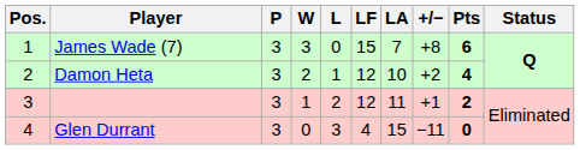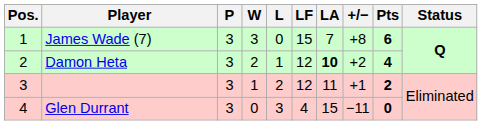 <table class="wikitable" style="text-align:center; margin: 1em auto 1em auto, align:left">
 <tr>
 <th width=20>Pos.</th>
 <th width=185>Player</th>
 <th width=20>P</th>
 <th width=20>W</th>
 <th width=20>L</th>
 <th width=20>LF</th>
 <th width=20>LA</th>
 <th width=25>+/−</th>
 <th width=20>Pts</th>
 <th width=70>Status</th>
 </tr>
 <tr style="background:#CCFFCC;">
 <td>1</td>
 <td align=left> <a href='#'>James Wade</a> (7)</td>
 <td>3</td>
 <td>3</td>
 <td>0</td>
 <td>15</td>
 <td>7</td>
 <td>+8</td>
 <td><strong>6</strong></td>
 <td rowspan=2><strong>Q</strong></td>
 </tr>
 <tr style="background:#CCFFCC;">
 <td>2</td>
 <td align=left> <a href='#'>Damon Heta</a></td>
 <td>3</td>
 <td>2</td>
 <td>1</td>
 <td>12</td>
-<td>10</td>
+<td><strong>10</strong></td>
 <td>+2</td>
 <td><strong>4</strong></td>
 </tr>
 <tr style="background:#FFCCCC;">
 <td>3</td>
 <td align=left></td>
 <td>3</td>
 <td>1</td>
 <td>2</td>
 <td>12</td>
 <td>11</td>
 <td>+1</td>
 <td><strong>2</strong></td>
 <td rowspan=2>Eliminated</td>
 </tr>
 <tr style="background:#FFCCCC;">
 <td>4</td>
 <td align=left> <a href='#'>Glen Durrant</a></td>
 <td>3</td>
 <td>0</td>
 <td>3</td>
 <td>4</td>
 <td>15</td>
 <td>−11</td>
 <td><strong>0</strong></td>
 </tr>
 </table>
